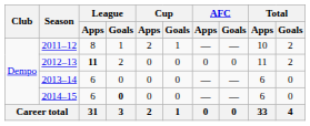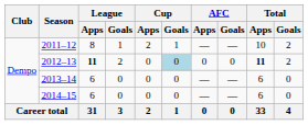 <table class="wikitable" style="font-size:90%; text-align:center;">
 <tr>
 <th rowspan="2">Club</th>
 <th rowspan="2">Season</th>
 <th colspan="2">League</th>
 <th colspan="2">Cup</th>
 <th colspan="2"><a href='#'>AFC</a></th>
 <th colspan="2">Total</th>
 </tr>
 <tr>
 <th>Apps</th>
 <th>Goals</th>
 <th>Apps</th>
 <th>Goals</th>
 <th>Apps</th>
 <th>Goals</th>
 <th>Apps</th>
 <th>Goals</th>
 </tr>
 <tr>
 <td rowspan="4"><a href='#'>Dempo</a></td>
 <td><a href='#'>2011–12</a></td>
 <td>8</td>
 <td>1</td>
 <td>2</td>
 <td>1</td>
 <td>—</td>
 <td>—</td>
 <td>10</td>
 <td>2</td>
 </tr>
 <tr>
 <td><a href='#'>2012–13</a></td>
 <td><strong>11</strong></td>
 <td>2</td>
 <td>0</td>
+<td style="background: lightblue;">0</td>
 <td>0</td>
 <td>0</td>
-<td>0</td>
-<td>11</td>
+<td><strong>11</strong></td>
 <td>2</td>
 </tr>
 <tr>
 <td><a href='#'>2013–14</a></td>
 <td>6</td>
 <td>0</td>
 <td>0</td>
 <td>0</td>
 <td>—</td>
 <td>—</td>
 <td>6</td>
 <td>0</td>
 </tr>
 <tr>
 <td><a href='#'>2014–15</a></td>
 <td>6</td>
-<td><strong>0</strong></td>
+<td>0</td>
 <td>0</td>
 <td>0</td>
 <td>—</td>
 <td>—</td>
 <td>6</td>
 <td>0</td>
 </tr>
 <tr>
 <th colspan="2">Career total</th>
 <th>31</th>
 <th>3</th>
 <th>2</th>
 <th>1</th>
 <th>0</th>
 <th>0</th>
 <th>33</th>
 <th>4</th>
 </tr>
 </table>
